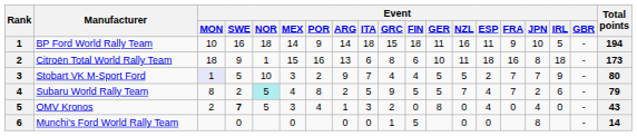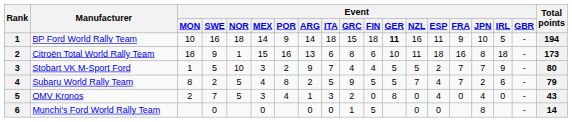 <table class="wikitable" style="text-align:center; font-size:90%;">
 <tr>
 <th rowspan=2>Rank</th>
 <th rowspan=2 style="width:16em">Manufacturer</th>
 <th colspan=16>Event</th>
 <th rowspan=2>Total<br>points</th>
 </tr>
 <tr valign="top">
 <th><a href='#'>MON</a><br></th>
 <th><a href='#'>SWE</a><br></th>
 <th><a href='#'>NOR</a><br></th>
 <th><a href='#'>MEX</a><br></th>
 <th><a href='#'>POR</a><br></th>
 <th><a href='#'>ARG</a><br></th>
 <th><a href='#'>ITA</a><br></th>
 <th><a href='#'>GRC</a><br></th>
 <th><a href='#'>FIN</a><br></th>
 <th><a href='#'>GER</a><br></th>
 <th><a href='#'>NZL</a><br></th>
 <th><a href='#'>ESP</a><br></th>
 <th><a href='#'>FRA</a><br></th>
 <th><a href='#'>JPN</a><br></th>
 <th><a href='#'>IRL</a><br></th>
 <th><a href='#'>GBR</a><br></th>
 </tr>
 <tr>
 <th>1</th>
 <td align=left><a href='#'>BP Ford World Rally Team</a></td>
 <td>10</td>
 <td>16</td>
 <td>18</td>
 <td>14</td>
 <td>9</td>
 <td>14</td>
 <td>18</td>
 <td>15</td>
 <td>18</td>
-<td>11</td>
+<td><strong>11</strong></td>
 <td>16</td>
 <td>11</td>
 <td>9</td>
 <td>10</td>
 <td>5</td>
 <td>-</td>
 <th>194</th>
 </tr>
 <tr>
 <th>2</th>
 <td align=left><a href='#'>Citroën Total World Rally Team</a></td>
 <td>18</td>
 <td>9</td>
 <td>1</td>
 <td>15</td>
 <td>16</td>
 <td>13</td>
 <td>6</td>
 <td>8</td>
 <td>6</td>
 <td>10</td>
 <td>11</td>
 <td>18</td>
 <td>16</td>
 <td>8</td>
 <td>18</td>
 <td>-</td>
 <th>173</th>
 </tr>
 <tr>
 <th>3</th>
 <td align=left><a href='#'>Stobart VK M-Sport Ford</a></td>
-<td style="background: lavender;">1</td>
+<td>1</td>
 <td>5</td>
 <td>10</td>
 <td>3</td>
 <td>2</td>
 <td>9</td>
 <td>7</td>
 <td>4</td>
 <td>4</td>
 <td>5</td>
 <td>5</td>
 <td>2</td>
 <td>7</td>
 <td>7</td>
 <td>9</td>
 <td>-</td>
 <th>80</th>
 </tr>
 <tr>
 <th>4</th>
 <td align=left><a href='#'>Subaru World Rally Team</a></td>
 <td>8</td>
 <td>2</td>
-<td style="background: paleturquoise;">5</td>
+<td>5</td>
 <td>4</td>
 <td>8</td>
 <td>2</td>
 <td>5</td>
 <td>9</td>
 <td>5</td>
 <td>5</td>
 <td>7</td>
 <td>4</td>
 <td>7</td>
 <td>2</td>
 <td>6</td>
 <td>-</td>
 <th>79</th>
 </tr>
 <tr>
 <th>5</th>
 <td align=left><a href='#'>OMV Kronos</a></td>
 <td>2</td>
-<td><strong>7</strong></td>
+<td>7</td>
 <td>5</td>
 <td>3</td>
 <td>4</td>
 <td>1</td>
 <td>3</td>
 <td>2</td>
 <td>0</td>
 <td>8</td>
 <td>0</td>
 <td>4</td>
 <td>0</td>
 <td>4</td>
 <td>0</td>
 <td>-</td>
 <th>43</th>
 </tr>
 <tr>
 <th>6</th>
 <td align="left"><a href='#'>Munchi's Ford World Rally Team</a></td>
 <td></td>
 <td>0</td>
 <td></td>
 <td>0</td>
 <td></td>
 <td>0</td>
 <td>0</td>
 <td>1</td>
 <td>5</td>
 <td></td>
 <td>0</td>
 <td>0</td>
 <td></td>
 <td>8</td>
 <td></td>
 <td>-</td>
 <th>14</th>
 </tr>
 </table>
